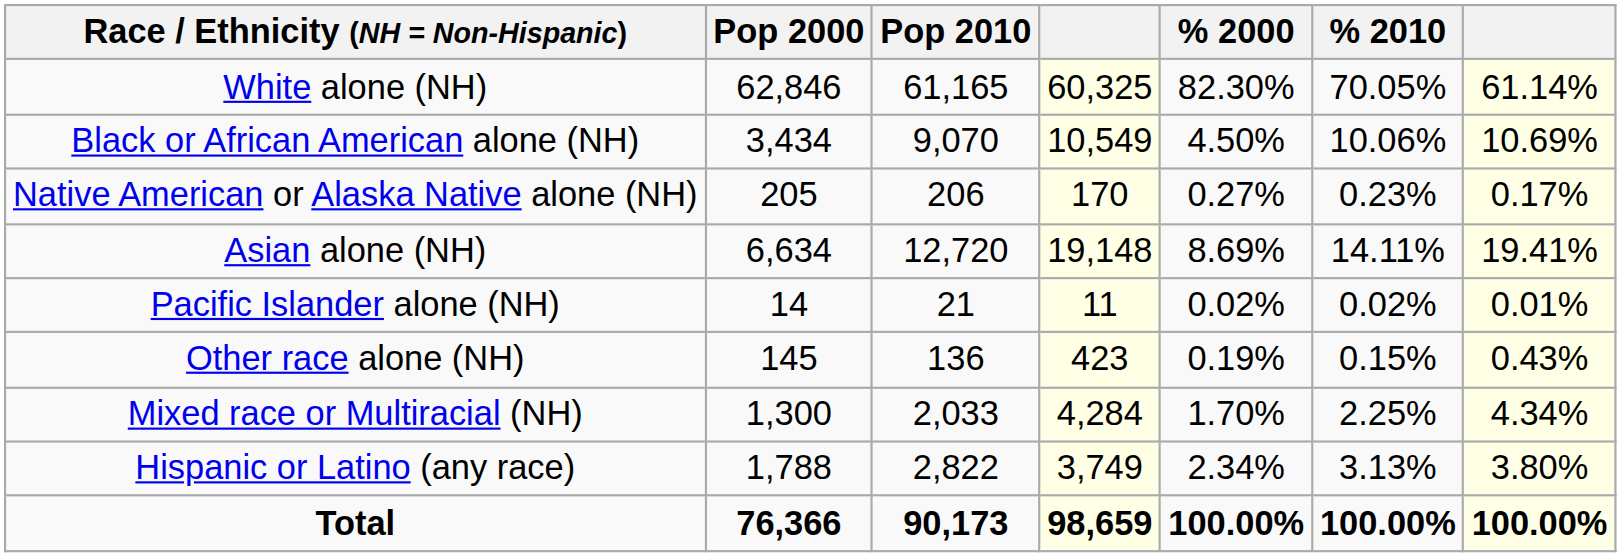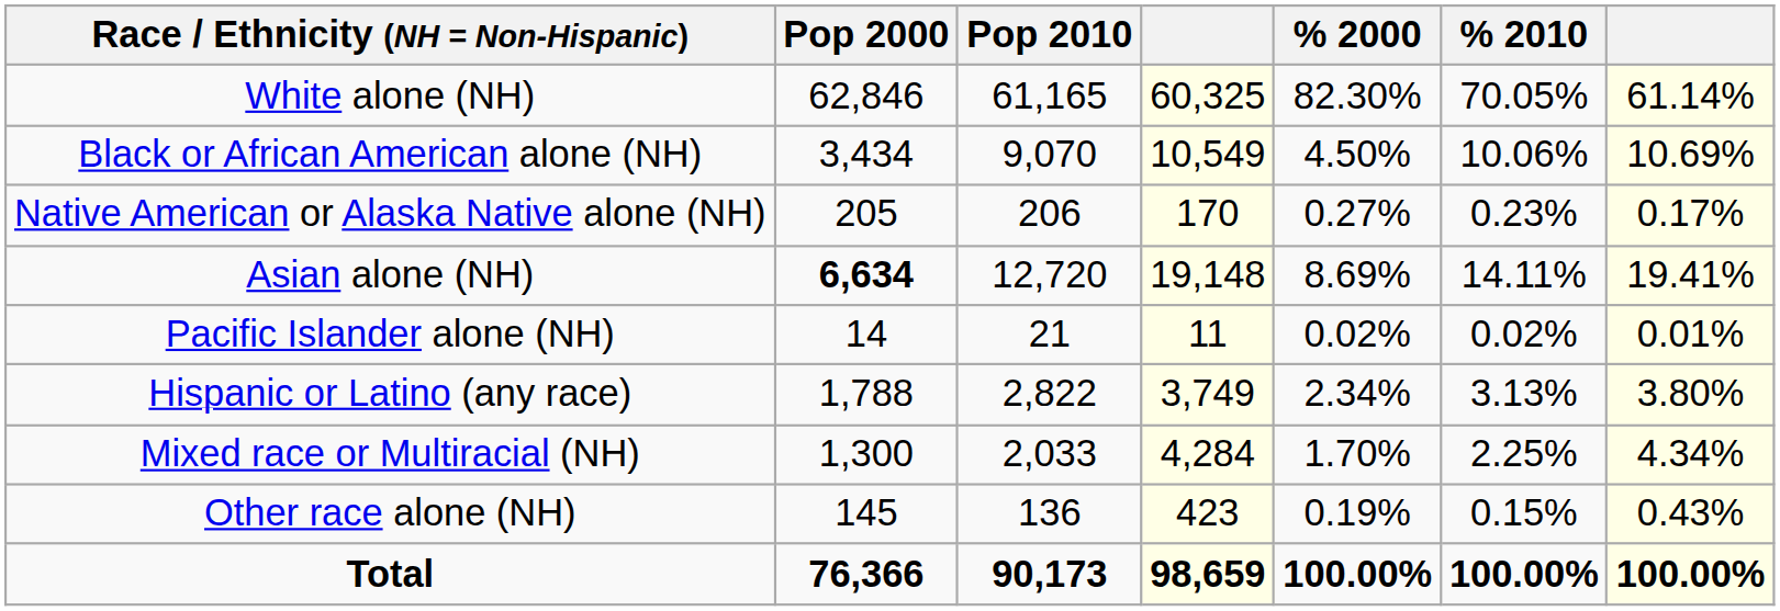 <table class="wikitable" style="text-align:center;">
 <tr>
 <th>Race / Ethnicity <small>(<em>NH = Non-Hispanic</em>)</small></th>
 <th>Pop 2000</th>
 <th>Pop 2010</th>
 <th></th>
 <th>% 2000</th>
 <th>% 2010</th>
 <th></th>
 </tr>
 <tr>
 <td><a href='#'>White</a> alone (NH)</td>
 <td>62,846</td>
 <td>61,165</td>
 <td style='background: #ffffe6;'>60,325</td>
 <td>82.30%</td>
 <td>70.05%</td>
 <td style='background: #ffffe6;'>61.14%</td>
 </tr>
 <tr>
 <td><a href='#'>Black or African American</a> alone (NH)</td>
 <td>3,434</td>
 <td>9,070</td>
 <td style='background: #ffffe6;'>10,549</td>
 <td>4.50%</td>
 <td>10.06%</td>
 <td style='background: #ffffe6;'>10.69%</td>
 </tr>
 <tr>
 <td><a href='#'>Native American</a> or <a href='#'>Alaska Native</a> alone (NH)</td>
 <td>205</td>
 <td>206</td>
 <td style='background: #ffffe6;'>170</td>
 <td>0.27%</td>
 <td>0.23%</td>
 <td style='background: #ffffe6;'>0.17%</td>
 </tr>
 <tr>
 <td><a href='#'>Asian</a> alone (NH)</td>
-<td>6,634</td>
+<td><strong>6,634</strong></td>
 <td>12,720</td>
 <td style='background: #ffffe6;'>19,148</td>
 <td>8.69%</td>
 <td>14.11%</td>
 <td style='background: #ffffe6;'>19.41%</td>
 </tr>
 <tr>
 <td><a href='#'>Pacific Islander</a> alone (NH)</td>
 <td>14</td>
 <td>21</td>
 <td style='background: #ffffe6;'>11</td>
 <td>0.02%</td>
 <td>0.02%</td>
 <td style='background: #ffffe6;'>0.01%</td>
 </tr>
 <tr>
-<td><a href='#'>Other race</a> alone (NH)</td>
-<td>145</td>
-<td>136</td>
-<td style='background: #ffffe6;'>423</td>
-<td>0.19%</td>
-<td>0.15%</td>
-<td style='background: #ffffe6;'>0.43%</td>
+<td><a href='#'>Hispanic or Latino</a> (any race)</td>
+<td>1,788</td>
+<td>2,822</td>
+<td style='background: #ffffe6;'>3,749</td>
+<td>2.34%</td>
+<td>3.13%</td>
+<td style='background: #ffffe6;'>3.80%</td>
 </tr>
 <tr>
 <td><a href='#'>Mixed race or Multiracial</a> (NH)</td>
 <td>1,300</td>
 <td>2,033</td>
 <td style='background: #ffffe6;'>4,284</td>
 <td>1.70%</td>
 <td>2.25%</td>
 <td style='background: #ffffe6;'>4.34%</td>
 </tr>
 <tr>
-<td><a href='#'>Hispanic or Latino</a> (any race)</td>
-<td>1,788</td>
-<td>2,822</td>
-<td style='background: #ffffe6;'>3,749</td>
-<td>2.34%</td>
-<td>3.13%</td>
-<td style='background: #ffffe6;'>3.80%</td>
+<td><a href='#'>Other race</a> alone (NH)</td>
+<td>145</td>
+<td>136</td>
+<td style='background: #ffffe6;'>423</td>
+<td>0.19%</td>
+<td>0.15%</td>
+<td style='background: #ffffe6;'>0.43%</td>
 </tr>
 <tr>
 <td><strong>Total</strong></td>
 <td><strong>76,366</strong></td>
 <td><strong>90,173</strong></td>
 <td style='background: #ffffe6;'><strong>98,659</strong></td>
 <td><strong>100.00%</strong></td>
 <td><strong>100.00%</strong></td>
 <td style='background: #ffffe6;'><strong>100.00%</strong></td>
 </tr>
 </table>
